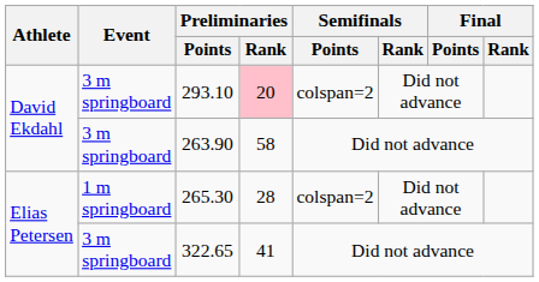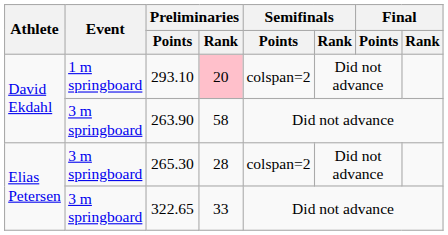 <table class="wikitable" style="text-align:center; font-size:90%; width:50%;">
 <tr>
 <th rowspan=2>Athlete</th>
 <th rowspan=2>Event</th>
 <th colspan=2>Preliminaries</th>
 <th colspan=2>Semifinals</th>
 <th colspan=2>Final</th>
 </tr>
 <tr style="font-size:95%">
 <th>Points</th>
 <th>Rank</th>
 <th>Points</th>
 <th>Rank</th>
 <th>Points</th>
 <th>Rank</th>
 </tr>
 <tr>
 <td align=left rowspan=2><a href='#'>David Ekdahl</a></td>
-<td align=left><a href='#'>3 m springboard</a></td>
+<td align=left><a href='#'>1 m springboard</a></td>
 <td>293.10</td>
 <td style="background: pink;">20</td>
 <td>colspan=2 </td>
 <td colspan=2>Did not advance</td>
 </tr>
 <tr>
 <td align=left><a href='#'>3 m springboard</a></td>
 <td>263.90</td>
 <td>58</td>
 <td colspan=4>Did not advance</td>
 </tr>
 <tr>
 <td align=left rowspan=2><a href='#'>Elias Petersen</a></td>
-<td align=left><a href='#'>1 m springboard</a></td>
+<td align=left><a href='#'>3 m springboard</a></td>
 <td>265.30</td>
 <td>28</td>
 <td>colspan=2 </td>
 <td colspan=2>Did not advance</td>
 </tr>
 <tr>
 <td align=left><a href='#'>3 m springboard</a></td>
 <td>322.65</td>
-<td>41</td>
+<td>33</td>
 <td colspan=4>Did not advance</td>
 </tr>
 </table>
